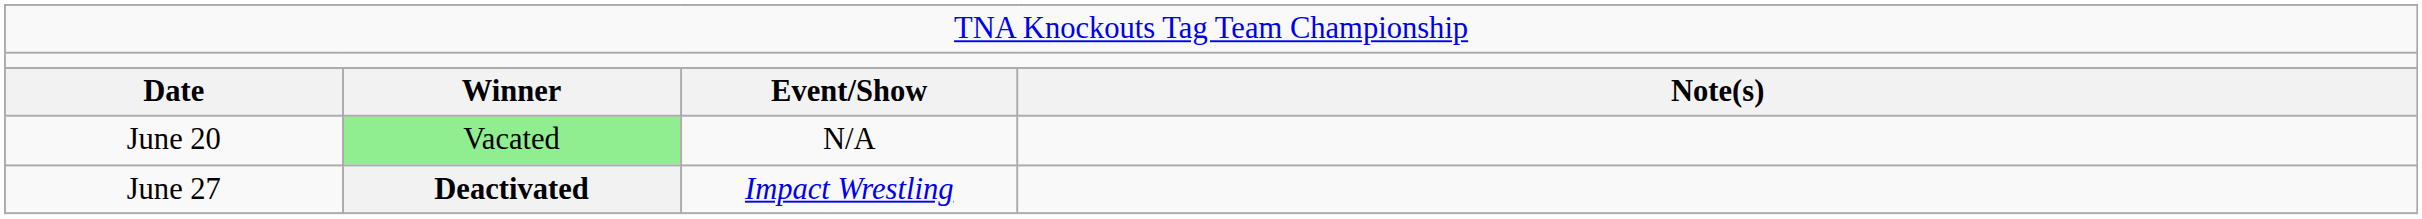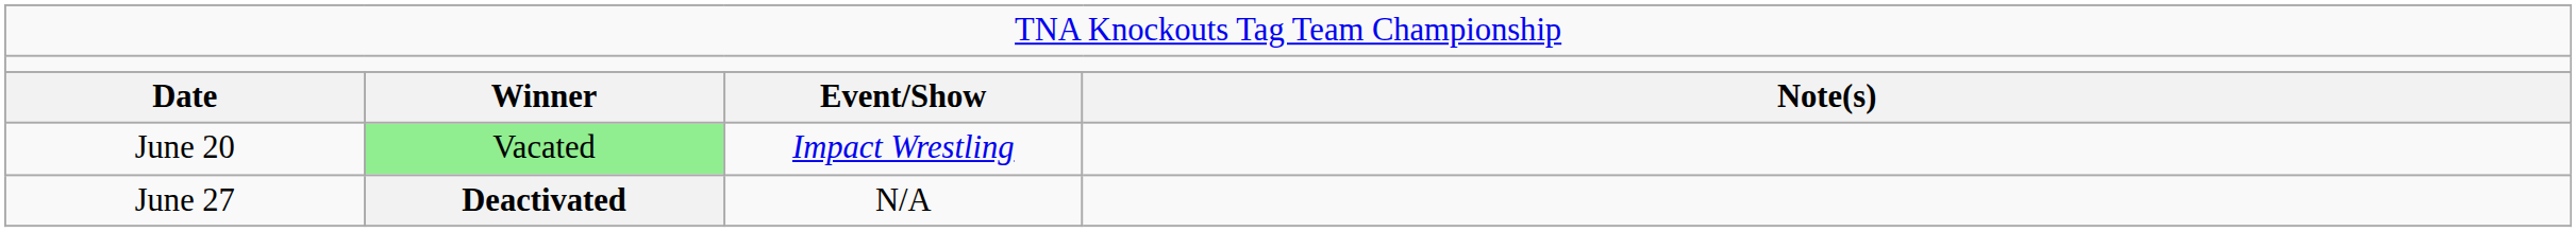 <table class="wikitable" style="text-align:center; width:100%;">
 <tr>
 <td colspan="5"><a href='#'>TNA Knockouts Tag Team Championship</a></td>
 </tr>
 <tr>
 <td colspan="5"><strong></strong></td>
 </tr>
 <tr>
 <th width="14%">Date</th>
 <th width="14%">Winner</th>
 <th width="14%">Event/Show</th>
 <th width="58%">Note(s)</th>
 </tr>
 <tr>
 <td>June 20</td>
 <td style="background: lightgreen;">Vacated</td>
-<td>N/A</td>
+<td><em><a href='#'>Impact Wrestling</a></em></td>
 </tr>
 <tr>
 <td>June 27</td>
 <th>Deactivated</th>
-<td><em><a href='#'>Impact Wrestling</a></em></td>
+<td>N/A</td>
 <td></td>
 </tr>
 </table>
